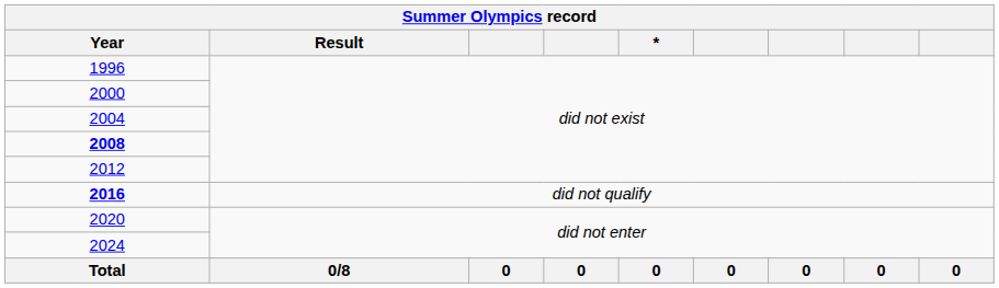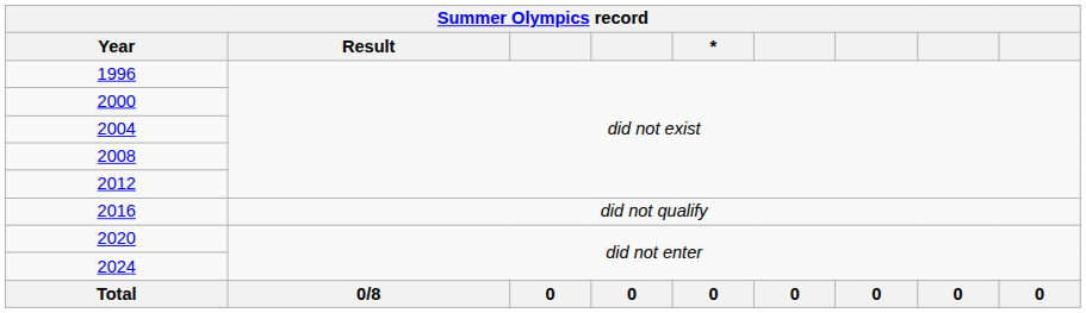 <table class="wikitable" style="text-align: center; width:50%;">
 <tr>
 <th colspan=10><a href='#'>Summer Olympics</a> record</th>
 </tr>
 <tr>
 <th>Year</th>
 <th>Result</th>
 <th></th>
 <th></th>
 <th>*</th>
 <th></th>
 <th></th>
 <th></th>
 <th></th>
 </tr>
 <tr>
 <td> <a href='#'>1996</a></td>
 <td colspan=8 rowspan=5><em>did not exist</em></td>
 </tr>
 <tr>
 <td> <a href='#'>2000</a></td>
 </tr>
 <tr>
 <td> <a href='#'>2004</a></td>
 </tr>
 <tr>
-<td><strong> <a href='#'>2008</a></strong></td>
+<td> <a href='#'>2008</a></td>
 </tr>
 <tr>
 <td> <a href='#'>2012</a></td>
 </tr>
 <tr>
-<td><strong> <a href='#'>2016</a></strong></td>
+<td> <a href='#'>2016</a></td>
 <td colspan=8><em>did not qualify</em></td>
 </tr>
 <tr>
 <td> <a href='#'>2020</a></td>
 <td colspan=8 rowspan=2><em>did not enter</em></td>
 </tr>
 <tr>
 <td> <a href='#'>2024</a></td>
 </tr>
 <tr>
 <th>Total</th>
 <th>0/8</th>
 <th>0</th>
 <th>0</th>
 <th>0</th>
 <th>0</th>
 <th>0</th>
 <th>0</th>
 <th>0</th>
 </tr>
 </table>
